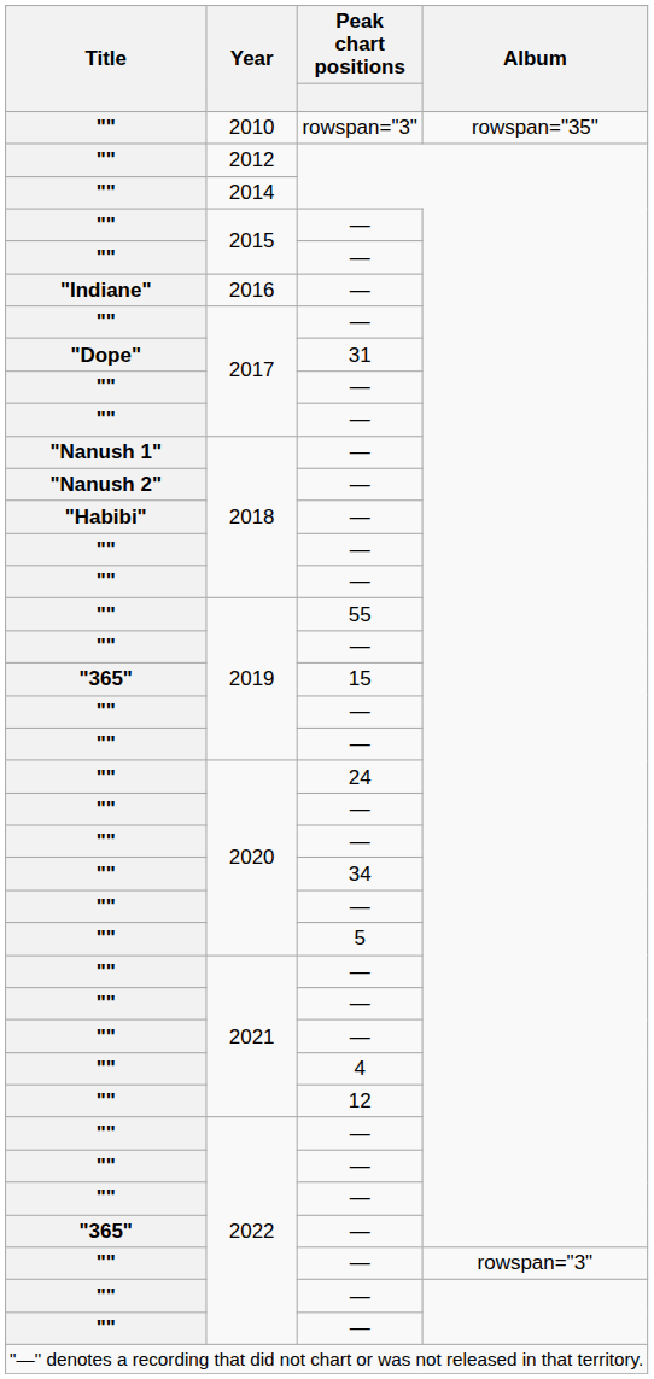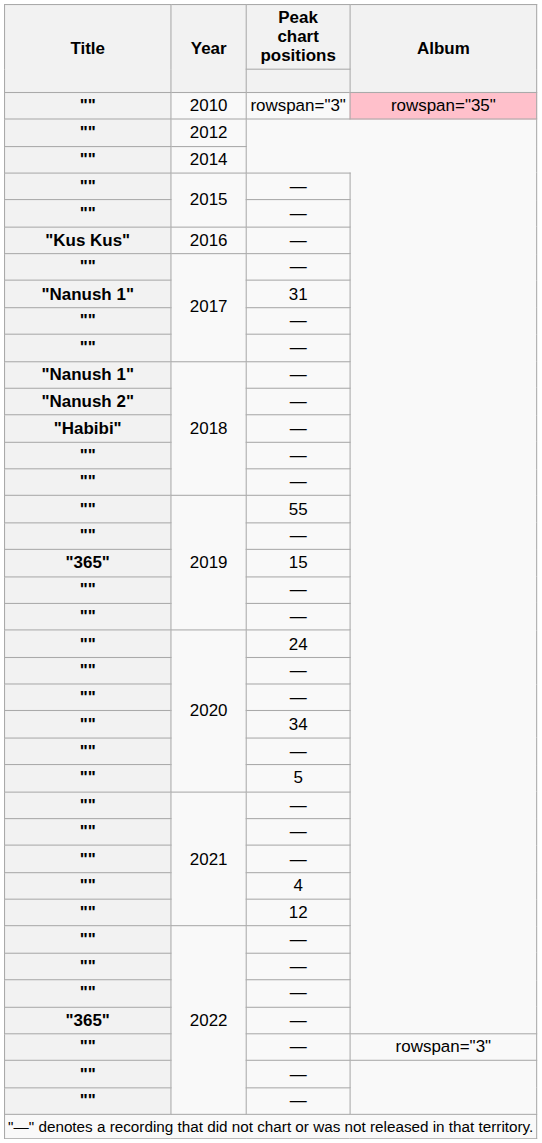 <table class="wikitable plainrowheaders" style="text-align:center;">
 <tr>
 <th scope="col" rowspan="2">Title</th>
 <th scope="col" rowspan="2">Year</th>
 <th scope="col" colspan="1">Peak<br>chart<br>positions</th>
 <th scope="col" rowspan="2">Album</th>
 </tr>
 <tr>
 <th scope=col style="width:3em; font-size:85%;"><a href='#'></a><br></th>
 </tr>
 <tr>
 <th scope="row">""</th>
 <td>2010</td>
 <td>rowspan="3" </td>
-<td>rowspan="35" </td>
+<td style="background: pink;">rowspan="35" </td>
 </tr>
 <tr>
 <th scope="row">""</th>
 <td>2012</td>
 </tr>
 <tr>
 <th scope="row">""</th>
 <td>2014</td>
 </tr>
 <tr>
 <th scope="row">""</th>
 <td rowspan="2">2015</td>
 <td>—</td>
 </tr>
 <tr>
 <th scope="row">""</th>
 <td>—</td>
 </tr>
 <tr>
-<th scope="row">"Indiane"</th>
+<th scope="row">"Kus Kus"<br></th>
 <td>2016</td>
 <td>—</td>
 </tr>
 <tr>
 <th scope="row">""</th>
 <td rowspan="4">2017</td>
 <td>—</td>
 </tr>
 <tr>
-<th scope="row">"Dope"<br></th>
+<th scope="row">"Nanush 1"</th>
 <td>31</td>
 </tr>
 <tr>
 <th scope="row">""</th>
 <td>—</td>
 </tr>
 <tr>
 <th scope="row">""</th>
 <td>—</td>
 </tr>
 <tr>
 <th scope="row">"Nanush 1"</th>
 <td rowspan="5">2018</td>
 <td>—</td>
 </tr>
 <tr>
 <th scope="row">"Nanush 2"</th>
 <td>—</td>
 </tr>
 <tr>
 <th scope="row">"Habibi"<br></th>
 <td>—</td>
 </tr>
 <tr>
 <th scope="row">""</th>
 <td>—</td>
 </tr>
 <tr>
 <th scope="row">""<br></th>
 <td>—</td>
 </tr>
 <tr>
 <th scope="row">""</th>
 <td rowspan="5">2019</td>
 <td>55</td>
 </tr>
 <tr>
 <th scope="row">""</th>
 <td>—</td>
 </tr>
 <tr>
 <th scope="row">"365"<br></th>
 <td>15</td>
 </tr>
 <tr>
 <th scope="row">""</th>
 <td>—</td>
 </tr>
 <tr>
 <th scope="row">""</th>
 <td>—</td>
 </tr>
 <tr>
 <th scope="row">""</th>
 <td rowspan="6">2020</td>
 <td>24</td>
 </tr>
 <tr>
 <th scope="row">""<br></th>
 <td>—</td>
 </tr>
 <tr>
 <th scope="row">""</th>
 <td>—</td>
 </tr>
 <tr>
 <th scope="row">""<br></th>
 <td>34</td>
 </tr>
 <tr>
 <th scope="row">""<br></th>
 <td>—</td>
 </tr>
 <tr>
 <th scope="row">""</th>
 <td>5</td>
 </tr>
 <tr>
 <th scope="row">""</th>
 <td rowspan="5">2021</td>
 <td>—</td>
 </tr>
 <tr>
 <th scope="row">""<br></th>
 <td>—</td>
 </tr>
 <tr>
 <th scope="row">""</th>
 <td>—</td>
 </tr>
 <tr>
 <th scope="row">""</th>
 <td>4</td>
 </tr>
 <tr>
 <th scope="row">""<br></th>
 <td>12</td>
 </tr>
 <tr>
 <th scope="row">""<br></th>
 <td rowspan="7">2022</td>
 <td>—</td>
 </tr>
 <tr>
 <th scope="row">""<br></th>
 <td>—</td>
 </tr>
 <tr>
 <th scope="row">""<br></th>
 <td>—</td>
 </tr>
 <tr>
 <th scope="row">"365"<br></th>
 <td>—</td>
 </tr>
 <tr>
 <th scope="row">""</th>
 <td>—</td>
 <td>rowspan="3" </td>
 </tr>
 <tr>
 <th scope="row">""<br></th>
 <td>—</td>
 </tr>
 <tr>
 <th scope="row">""</th>
 <td>—</td>
 </tr>
 <tr>
 <td colspan="4" style="font-size:90%">"—" denotes a recording that did not chart or was not released in that territory.</td>
 </tr>
 </table>
